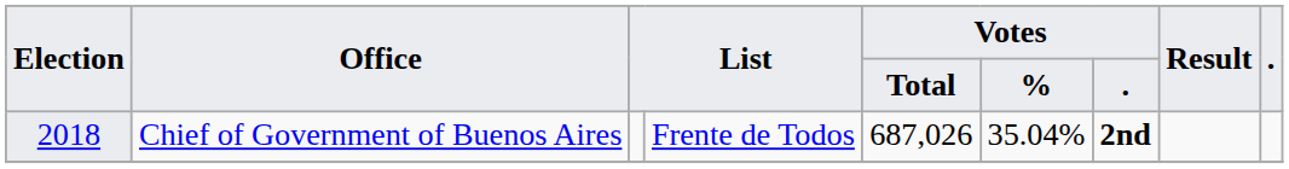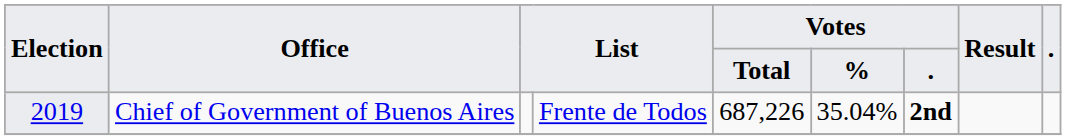 <table class="wikitable" style="font-size:90%; text-align:center;">
 <tr>
 <th style="background-color:#EAECF0;" rowspan=2>Election</th>
 <th style="background-color:#EAECF0;" rowspan=2>Office</th>
 <th style="background-color:#EAECF0;" colspan=2 rowspan=2>List</th>
 <th style="background-color:#EAECF0;" colspan=3>Votes</th>
 <th style="background-color:#EAECF0;" rowspan=2>Result</th>
 <th style="background-color:#EAECF0;" rowspan=2>.</th>
 </tr>
 <tr>
 <th style="background-color:#EAECF0;">Total</th>
 <th style="background-color:#EAECF0;">%</th>
 <th style="background-color:#EAECF0;">.</th>
 </tr>
 <tr>
-<td style="background-color:#EAECF0;"><a href='#'>2018</a></td>
+<td style="background-color:#EAECF0;"><a href='#'>2019</a></td>
 <td><a href='#'>Chief of Government of Buenos Aires</a></td>
 <td style="background-color:"></td>
 <td><a href='#'>Frente de Todos</a></td>
-<td>687,026</td>
+<td>687,226</td>
 <td>35.04%</td>
 <td><strong>2nd</strong></td>
 <td></td>
 <td></td>
 </tr>
 <tr>
 </tr>
 </table>
